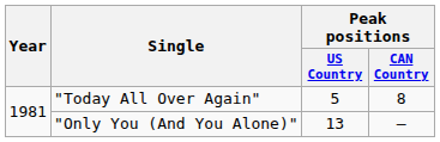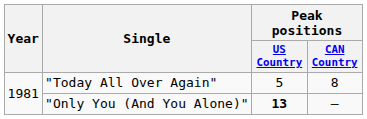 <table class="wikitable" style="text-align:center;">
 <tr>
 <th rowspan="2">Year</th>
 <th rowspan="2">Single</th>
 <th colspan="2">Peak positions</th>
 </tr>
 <tr style="font-size:smaller;">
 <th width="50"><a href='#'>US Country</a></th>
 <th width="50"><a href='#'>CAN Country</a></th>
 </tr>
 <tr>
 <td rowspan="2">1981</td>
 <td align="left">"Today All Over Again"</td>
 <td>5</td>
 <td>8</td>
 </tr>
 <tr>
 <td align="left">"Only You (And You Alone)"</td>
-<td>13</td>
+<td><strong>13</strong></td>
 <td>—</td>
 </tr>
 </table>
